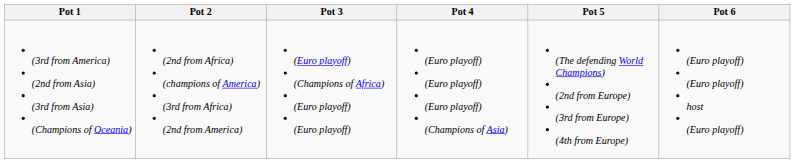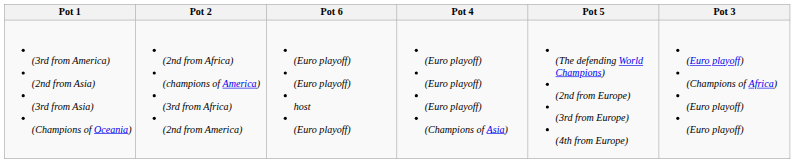 <table class="wikitable">
 <tr>
 <th width=16%>Pot 1</th>
 <th width=16%>Pot 2</th>
-<th width=16%>Pot 3</th>
+<th width=16%>Pot 6</th>
 <th width=16%>Pot 4</th>
 <th width=16%>Pot 5</th>
-<th width=16%>Pot 6</th>
+<th width=16%>Pot 3</th>
 </tr>
 <tr style="vertical-align: top;">
 <td><br><ul><li><br><em>(3rd from America)</em></li><li><br><em>(2nd from Asia)</em></li><li><br><em>(3rd from Asia)</em></li><li><br><em>(Champions of <a href='#'>Oceania</a>)</em></li></ul></td>
 <td><br><ul><li><br><em>(2nd from Africa)</em></li><li><br><em>(champions of <a href='#'>America</a>)</em></li><li><br><em>(3rd from Africa)</em></li><li><br><em>(2nd from America)</em></li></ul></td>
-<td><br><ul><li><br><em>(<a href='#'>Euro playoff</a>)</em></li><li><br><em>(Champions of <a href='#'>Africa</a>)</em></li><li><br><em>(Euro playoff)</em></li><li><br><em>(Euro playoff)</em></li></ul></td>
+<td><br><ul><li><br><em>(Euro playoff)</em></li><li><br><em>(Euro playoff)</em></li><li><br><em>host </em></li><li><br><em>(Euro playoff)</em></li></ul></td>
 <td><br><ul><li><br><em>(Euro playoff)</em></li><li><br><em>(Euro playoff)</em></li><li><br><em>(Euro playoff)</em></li><li><br><em>(Champions of <a href='#'>Asia</a>)</em></li></ul></td>
 <td><br><ul><li><br><em>(The defending <a href='#'>World Champions</a>)</em></li><li><br><em>(2nd from Europe)</em></li><li><br><em>(3rd from Europe)</em></li><li><br><em>(4th from Europe)</em></li></ul></td>
-<td><br><ul><li><br><em>(Euro playoff)</em></li><li><br><em>(Euro playoff)</em></li><li><br><em>host </em></li><li><br><em>(Euro playoff)</em></li></ul></td>
+<td><br><ul><li><br><em>(<a href='#'>Euro playoff</a>)</em></li><li><br><em>(Champions of <a href='#'>Africa</a>)</em></li><li><br><em>(Euro playoff)</em></li><li><br><em>(Euro playoff)</em></li></ul></td>
 </tr>
 </table>
